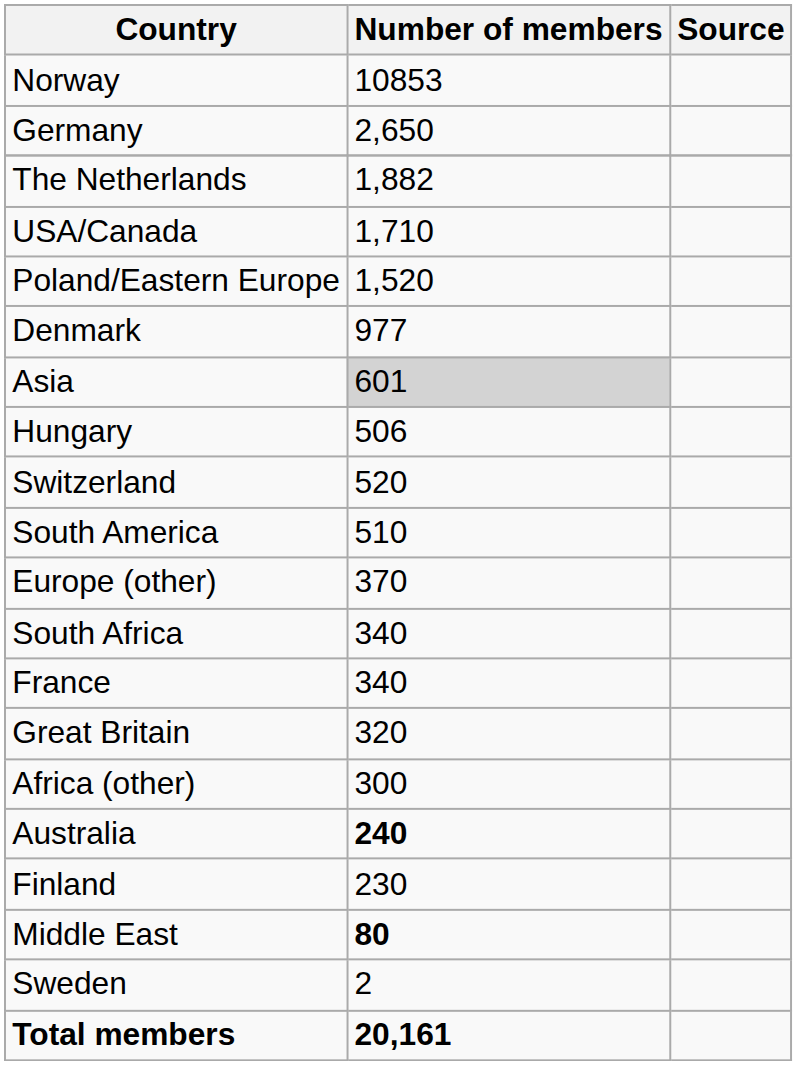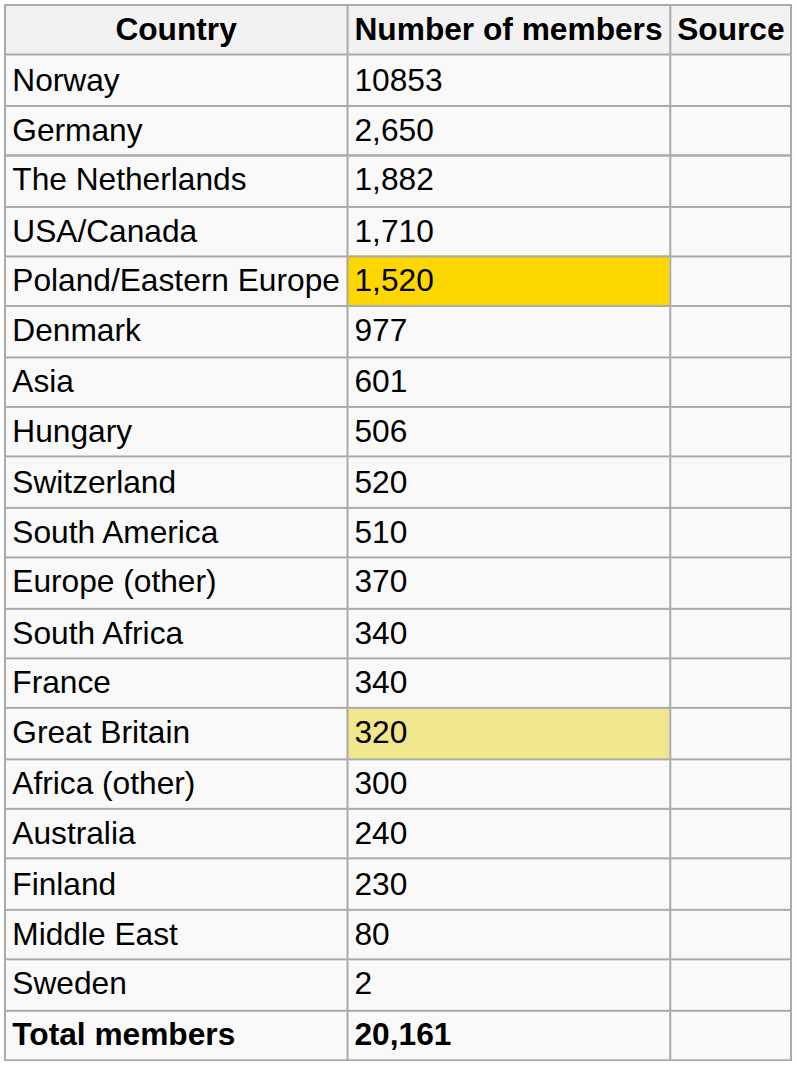 <table class="wikitable">
 <tr>
 <th>Country</th>
 <th>Number of members</th>
 <th>Source</th>
 </tr>
 <tr>
 <td>Norway</td>
 <td>10853</td>
 <td></td>
 </tr>
 <tr>
 <td>Germany</td>
 <td>2,650</td>
 <td></td>
 </tr>
 <tr>
 </tr>
 <tr>
 <td>The Netherlands</td>
 <td>1,882</td>
 <td></td>
 </tr>
 <tr>
 <td>USA/Canada</td>
 <td>1,710</td>
 <td></td>
 </tr>
 <tr>
 <td>Poland/Eastern Europe</td>
-<td>1,520</td>
+<td style="background: gold;">1,520</td>
 <td></td>
 </tr>
 <tr>
 <td>Denmark</td>
 <td>977</td>
 <td></td>
 </tr>
 <tr>
 <td>Asia</td>
-<td style="background: lightgrey;">601</td>
+<td>601</td>
 <td></td>
 </tr>
 <tr>
 <td>Hungary</td>
 <td>506</td>
 <td></td>
 </tr>
 <tr>
 <td>Switzerland</td>
 <td>520</td>
 <td></td>
 </tr>
 <tr>
 <td>South America</td>
 <td>510</td>
 <td></td>
 </tr>
 <tr>
 <td>Europe (other)</td>
 <td>370</td>
 <td></td>
 </tr>
 <tr>
 <td>South Africa</td>
 <td>340</td>
 <td></td>
 </tr>
 <tr>
 <td>France</td>
 <td>340</td>
 <td></td>
 </tr>
 <tr>
 <td>Great Britain</td>
-<td>320</td>
+<td style="background: khaki;">320</td>
 <td></td>
 </tr>
 <tr>
 <td>Africa (other)</td>
 <td>300</td>
 <td></td>
 </tr>
 <tr>
 <td>Australia</td>
-<td><strong>240</strong></td>
+<td>240</td>
 <td></td>
 </tr>
 <tr>
 <td>Finland</td>
 <td>230</td>
 <td></td>
 </tr>
 <tr>
 <td>Middle East</td>
-<td><strong>80</strong></td>
+<td>80</td>
 <td></td>
 </tr>
 <tr>
 <td>Sweden</td>
 <td>2</td>
 <td></td>
 </tr>
 <tr>
 <td><strong>Total members</strong></td>
 <td><strong>20,161</strong></td>
 <td></td>
 </tr>
 </table>
